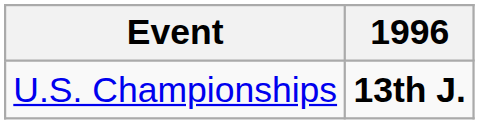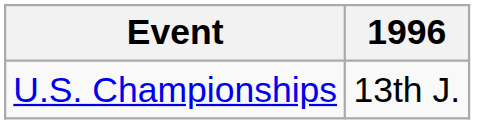 <table class="wikitable" style="text-align:center">
 <tr>
 <th>Event</th>
 <th>1996</th>
 </tr>
 <tr>
 <td align=left><a href='#'>U.S. Championships</a></td>
-<td><strong>13th J.</strong></td>
+<td>13th J.</td>
 </tr>
 </table>
